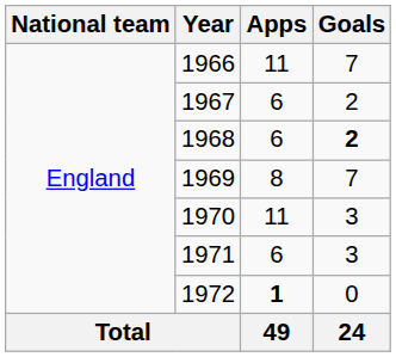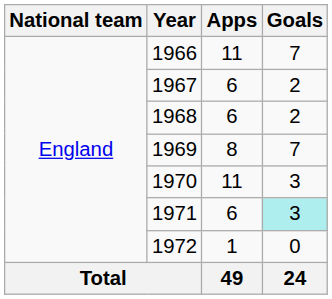 <table class="wikitable" style="text-align:center">
 <tr>
 <th>National team</th>
 <th>Year</th>
 <th>Apps</th>
 <th>Goals</th>
 </tr>
 <tr>
 <td rowspan="7"><a href='#'>England</a></td>
 <td>1966</td>
 <td>11</td>
 <td>7</td>
 </tr>
 <tr>
 <td>1967</td>
 <td>6</td>
 <td>2</td>
 </tr>
 <tr>
 <td>1968</td>
 <td>6</td>
-<td><strong>2</strong></td>
+<td>2</td>
 </tr>
 <tr>
 <td>1969</td>
 <td>8</td>
 <td>7</td>
 </tr>
 <tr>
 <td>1970</td>
 <td>11</td>
 <td>3</td>
 </tr>
 <tr>
 <td>1971</td>
 <td>6</td>
-<td>3</td>
+<td style="background: paleturquoise;">3</td>
 </tr>
 <tr>
 <td>1972</td>
-<td><strong>1</strong></td>
+<td>1</td>
 <td>0</td>
 </tr>
 <tr>
 <th colspan="2">Total</th>
 <th>49</th>
 <th>24</th>
 </tr>
 </table>
